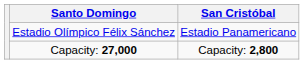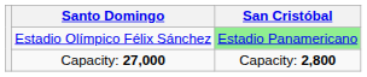 <table class="wikitable" style="text-align:center">
 <tr>
 <th rowspan="4"></th>
 <th><a href='#'>Santo Domingo</a></th>
 <th><a href='#'>San Cristóbal</a></th>
 </tr>
 <tr>
 <td><a href='#'>Estadio Olímpico Félix Sánchez</a></td>
-<td><a href='#'>Estadio Panamericano</a></td>
+<td style="background: lightgreen;"><a href='#'>Estadio Panamericano</a></td>
 </tr>
 <tr>
 <td>Capacity: <strong>27,000</strong></td>
 <td>Capacity: <strong>2,800</strong></td>
 </tr>
 </table>
